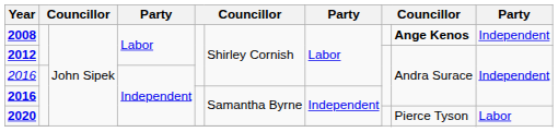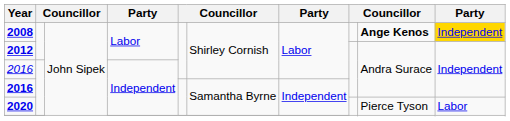 <table class="wikitable">
 <tr>
 <th>Year</th>
 <th colspan="2">Councillor</th>
 <th>Party</th>
 <th colspan="2">Councillor</th>
 <th>Party</th>
 <th colspan="2">Councillor</th>
 <th>Party</th>
 </tr>
 <tr>
 <td><strong><a href='#'>2008</a></strong></td>
 <td rowspan="2" width="1px" > </td>
 <td rowspan="6">John Sipek</td>
 <td rowspan="2"><a href='#'>Labor</a></td>
 <td rowspan="3" width="1px" > </td>
 <td rowspan="3">Shirley Cornish</td>
 <td rowspan="3"><a href='#'>Labor</a></td>
 <td rowspan="1" width="1px" > </td>
 <td rowspan="1"><strong>Ange Kenos</strong></td>
-<td rowspan="1"><a href='#'>Independent</a></td>
+<td rowspan="1" style="background: gold;"><a href='#'>Independent</a></td>
 </tr>
 <tr>
 <td><strong><a href='#'>2012</a></strong></td>
 <td rowspan="3" width="1px" > </td>
 <td rowspan="3">Andra Surace</td>
 <td rowspan="3"><a href='#'>Independent</a></td>
 </tr>
 <tr>
 <td><em><a href='#'>2016</a></em></td>
 <td rowspan="3" width="1px" > </td>
 <td rowspan="3"><a href='#'>Independent</a></td>
 </tr>
 <tr>
 <td><strong><a href='#'>2016</a></strong></td>
 <td rowspan="2" width="1px" > </td>
 <td rowspan="2">Samantha Byrne</td>
 <td rowspan="2"><a href='#'>Independent</a></td>
 </tr>
 <tr>
 <td><strong><a href='#'>2020</a></strong></td>
 <td rowspan="2" width="1px" > </td>
 <td rowspan="6">Pierce Tyson</td>
 <td rowspan="2"><a href='#'>Labor</a></td>
 </tr>
 <tr>
 </tr>
 </table>
